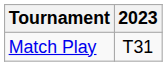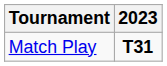 <table class="wikitable" style="text-align:center;">
 <tr>
 <th>Tournament</th>
 <th>2023</th>
 </tr>
 <tr>
 <td align="left"><a href='#'>Match Play</a></td>
-<td>T31</td>
+<td><strong>T31</strong></td>
 </tr>
 </table>
